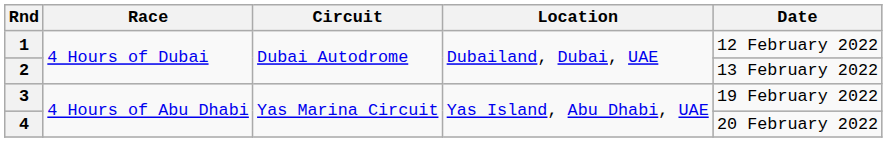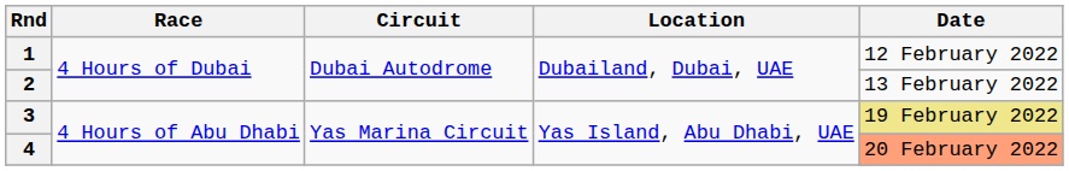 <table class="wikitable" style="font-size: 85%;">
 <tr>
 <th>Rnd</th>
 <th>Race</th>
 <th>Circuit</th>
 <th>Location</th>
 <th>Date</th>
 </tr>
 <tr>
 <th>1</th>
 <td rowspan=2><a href='#'>4 Hours of Dubai</a></td>
 <td rowspan=2> <a href='#'>Dubai Autodrome</a></td>
 <td rowspan=2><a href='#'>Dubailand</a>, <a href='#'>Dubai</a>, <a href='#'>UAE</a></td>
 <td>12 February 2022</td>
 </tr>
 <tr>
 <th>2</th>
 <td>13 February 2022</td>
 </tr>
 <tr>
 <th>3</th>
 <td rowspan=2><a href='#'>4 Hours of Abu Dhabi</a></td>
 <td rowspan=2> <a href='#'>Yas Marina Circuit</a></td>
 <td rowspan=2><a href='#'>Yas Island</a>, <a href='#'>Abu Dhabi</a>, <a href='#'>UAE</a></td>
-<td>19 February 2022</td>
+<td style="background: khaki;">19 February 2022</td>
 </tr>
 <tr>
 <th>4</th>
-<td>20 February 2022</td>
+<td style="background: lightsalmon;">20 February 2022</td>
 </tr>
 </table>
